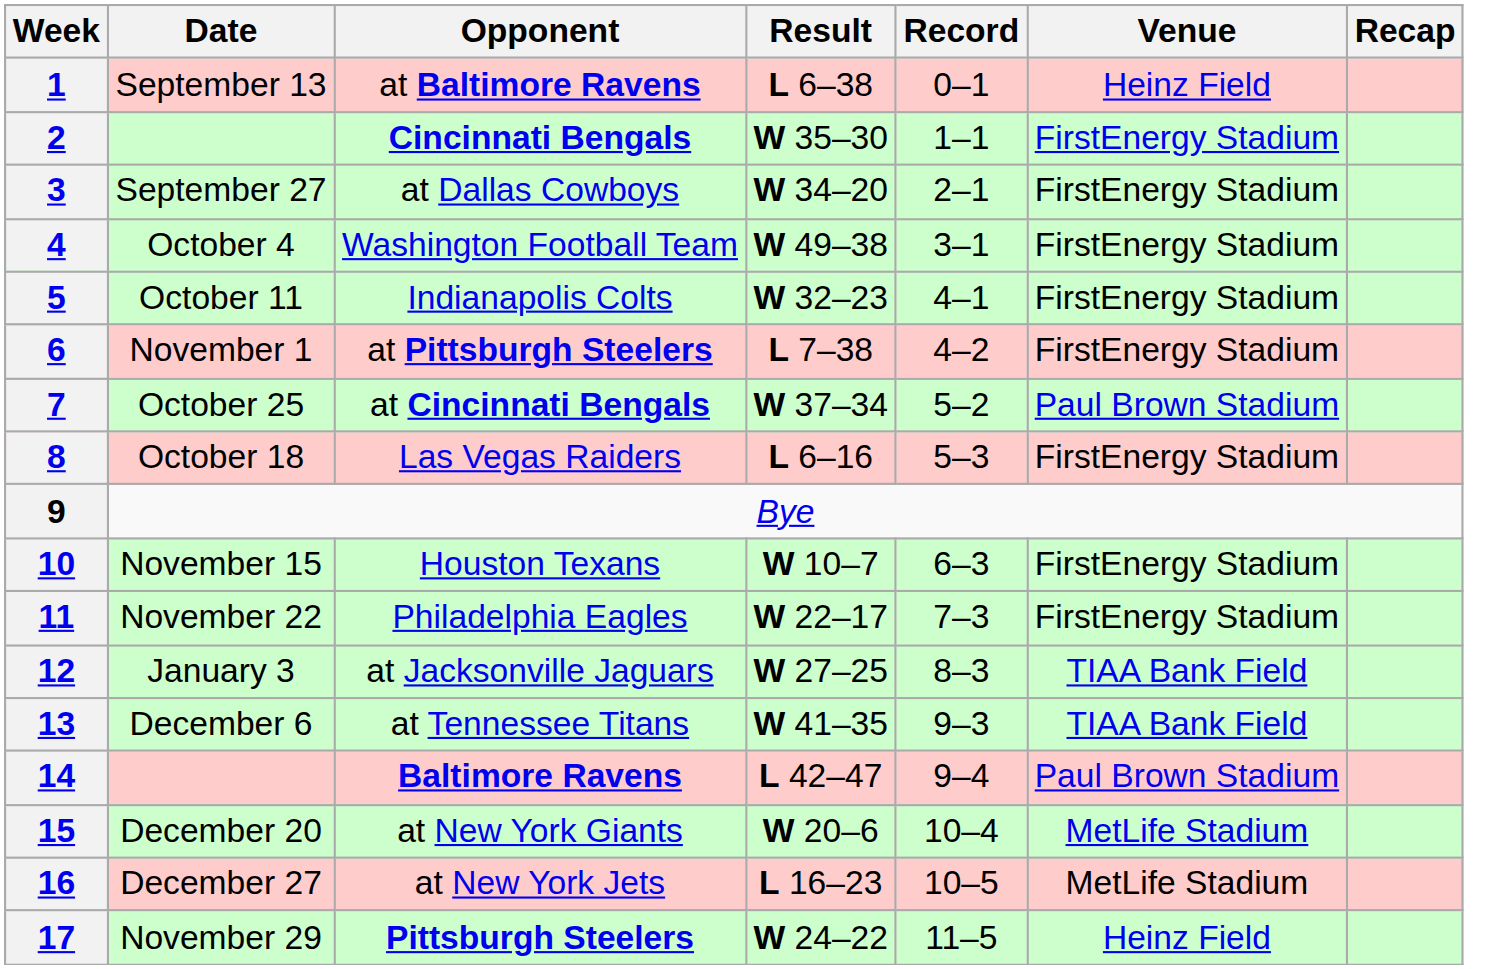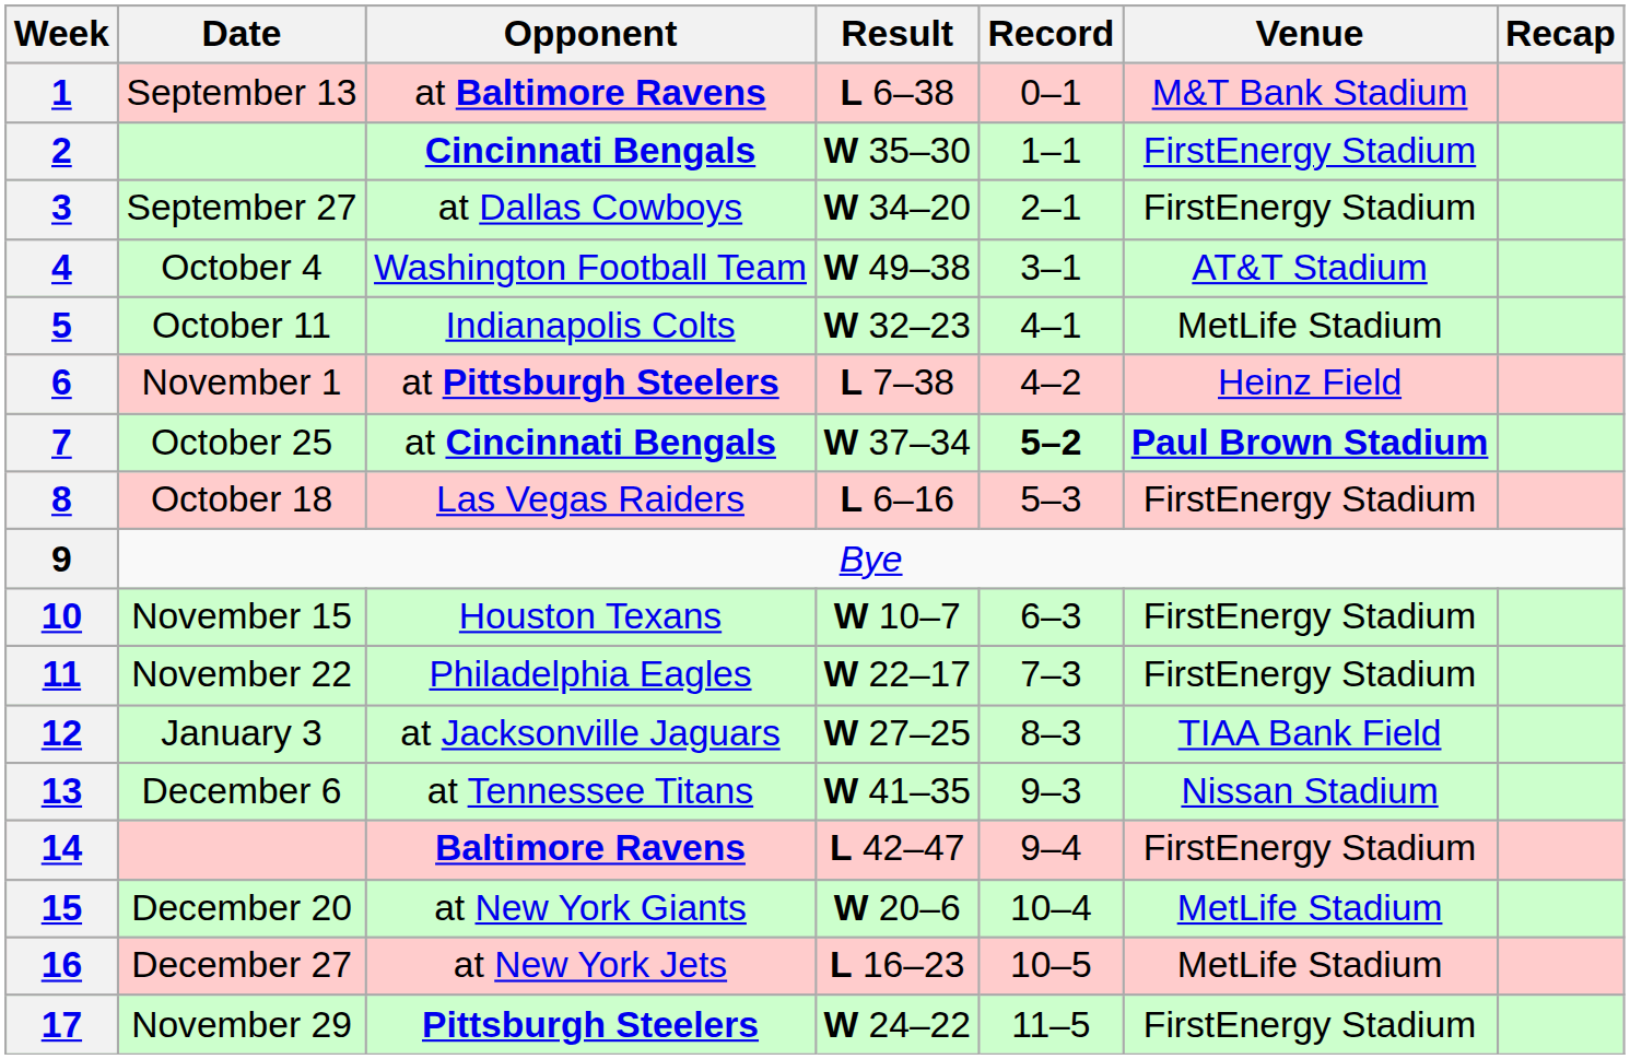 <table class="wikitable" style="text-align:center">
 <tr>
 <th>Week</th>
 <th>Date</th>
 <th>Opponent</th>
 <th>Result</th>
 <th>Record</th>
 <th>Venue</th>
 <th>Recap</th>
 </tr>
 <tr style="background:#fcc">
 <th><a href='#'>1</a></th>
 <td>September 13</td>
 <td>at <strong><a href='#'>Baltimore Ravens</a></strong></td>
 <td><strong>L</strong> 6–38</td>
 <td>0–1</td>
-<td><a href='#'>Heinz Field</a></td>
+<td><a href='#'>M&T Bank Stadium</a></td>
 <td></td>
 </tr>
 <tr style="background:#cfc">
 <th><a href='#'>2</a></th>
 <td></td>
 <td><strong><a href='#'>Cincinnati Bengals</a></strong></td>
 <td><strong>W</strong> 35–30</td>
 <td>1–1</td>
 <td><a href='#'>FirstEnergy Stadium</a></td>
 <td></td>
 </tr>
 <tr style="background:#cfc">
 <th><a href='#'>3</a></th>
 <td>September 27</td>
 <td>at <a href='#'>Dallas Cowboys</a></td>
 <td><strong>W</strong> 34–20</td>
 <td>2–1</td>
 <td>FirstEnergy Stadium</td>
 <td></td>
 </tr>
 <tr style="background:#cfc">
 <th><a href='#'>4</a></th>
 <td>October 4</td>
 <td><a href='#'>Washington Football Team</a></td>
 <td><strong>W</strong> 49–38</td>
 <td>3–1</td>
-<td>FirstEnergy Stadium</td>
+<td><a href='#'>AT&T Stadium</a></td>
 <td></td>
 </tr>
 <tr style="background:#cfc">
 <th><a href='#'>5</a></th>
 <td>October 11</td>
 <td><a href='#'>Indianapolis Colts</a></td>
 <td><strong>W</strong> 32–23</td>
 <td>4–1</td>
-<td>FirstEnergy Stadium</td>
+<td>MetLife Stadium</td>
 <td></td>
 </tr>
 <tr style="background:#fcc">
 <th><a href='#'>6</a></th>
 <td>November 1</td>
 <td>at <strong><a href='#'>Pittsburgh Steelers</a></strong></td>
 <td><strong>L</strong> 7–38</td>
 <td>4–2</td>
-<td>FirstEnergy Stadium</td>
+<td><a href='#'>Heinz Field</a></td>
 <td></td>
 </tr>
 <tr style="background:#cfc">
 <th><a href='#'>7</a></th>
 <td>October 25</td>
 <td>at <strong><a href='#'>Cincinnati Bengals</a></strong></td>
 <td><strong>W</strong> 37–34</td>
-<td>5–2</td>
-<td><a href='#'>Paul Brown Stadium</a></td>
+<td><strong>5–2</strong></td>
+<td><strong><a href='#'>Paul Brown Stadium</a></strong></td>
 <td></td>
 </tr>
 <tr style="background:#fcc">
 <th><a href='#'>8</a></th>
 <td>October 18</td>
 <td><a href='#'>Las Vegas Raiders</a></td>
 <td><strong>L</strong> 6–16</td>
 <td>5–3</td>
 <td>FirstEnergy Stadium</td>
 <td></td>
 </tr>
 <tr>
 <th>9</th>
 <td colspan="6"><em><a href='#'>Bye</a></em></td>
 </tr>
 <tr style="background:#cfc">
 <th><a href='#'>10</a></th>
 <td>November 15</td>
 <td><a href='#'>Houston Texans</a></td>
 <td><strong>W</strong> 10–7</td>
 <td>6–3</td>
 <td>FirstEnergy Stadium</td>
 <td></td>
 </tr>
 <tr style="background:#cfc">
 <th><a href='#'>11</a></th>
 <td>November 22</td>
 <td><a href='#'>Philadelphia Eagles</a></td>
 <td><strong>W</strong> 22–17</td>
 <td>7–3</td>
 <td>FirstEnergy Stadium</td>
 <td></td>
 </tr>
 <tr style="background:#cfc">
 <th><a href='#'>12</a></th>
 <td>January 3</td>
 <td>at <a href='#'>Jacksonville Jaguars</a></td>
 <td><strong>W</strong> 27–25</td>
 <td>8–3</td>
 <td><a href='#'>TIAA Bank Field</a></td>
 <td></td>
 </tr>
 <tr style="background:#cfc">
 <th><a href='#'>13</a></th>
 <td>December 6</td>
 <td>at <a href='#'>Tennessee Titans</a></td>
 <td><strong>W</strong> 41–35</td>
 <td>9–3</td>
-<td><a href='#'>TIAA Bank Field</a></td>
+<td><a href='#'>Nissan Stadium</a></td>
 <td></td>
 </tr>
 <tr style="background:#fcc">
 <th><a href='#'>14</a></th>
 <td></td>
 <td><strong><a href='#'>Baltimore Ravens</a></strong></td>
 <td><strong>L</strong> 42–47</td>
 <td>9–4</td>
-<td><a href='#'>Paul Brown Stadium</a></td>
+<td>FirstEnergy Stadium</td>
 <td></td>
 </tr>
 <tr style="background:#cfc">
 <th><a href='#'>15</a></th>
 <td>December 20</td>
 <td>at <a href='#'>New York Giants</a></td>
 <td><strong>W</strong> 20–6</td>
 <td>10–4</td>
 <td><a href='#'>MetLife Stadium</a></td>
 <td></td>
 </tr>
 <tr style="background:#fcc">
 <th><a href='#'>16</a></th>
 <td>December 27</td>
 <td>at <a href='#'>New York Jets</a></td>
 <td><strong>L</strong> 16–23</td>
 <td>10–5</td>
 <td>MetLife Stadium</td>
 <td></td>
 </tr>
 <tr style="background:#cfc">
 <th><a href='#'>17</a></th>
 <td>November 29</td>
 <td><strong><a href='#'>Pittsburgh Steelers</a></strong></td>
 <td><strong>W</strong> 24–22</td>
 <td>11–5</td>
-<td><a href='#'>Heinz Field</a></td>
+<td>FirstEnergy Stadium</td>
 <td></td>
 </tr>
 </table>
